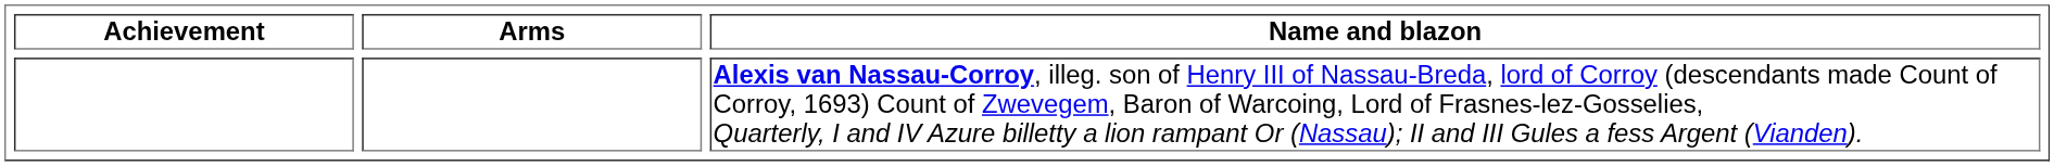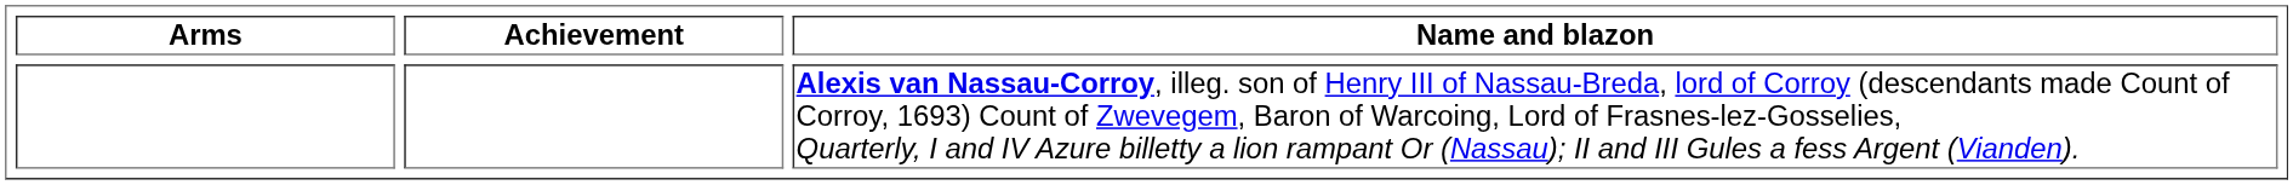 <table border=1 cellspacing=5 width="100%">
 <tr valign=top align=center>
+<td width="206"><strong>Arms</strong></td>
 <td width="206"><strong>Achievement</strong></td>
-<td width="206"><strong>Arms</strong></td>
 <td><strong>Name and blazon</strong></td>
 </tr>
 <tr valign=top>
+<td align=center><br><br><br> </td>
 <td align=center><br></td>
-<td align=center><br><br><br> </td>
 <td><strong><a href='#'>Alexis van Nassau-Corroy</a></strong>, illeg. son of <a href='#'>Henry III of Nassau-Breda</a>, <a href='#'>lord of Corroy</a> (descendants made Count of Corroy, 1693) Count of <a href='#'>Zwevegem</a>, Baron of Warcoing, Lord of Frasnes-lez-Gosselies,<br><em> Quarterly, I and IV Azure billetty a lion rampant Or (<a href='#'>Nassau</a>); II and III Gules a fess Argent (<a href='#'>Vianden</a>).</em></td>
 </tr>
 </table>
